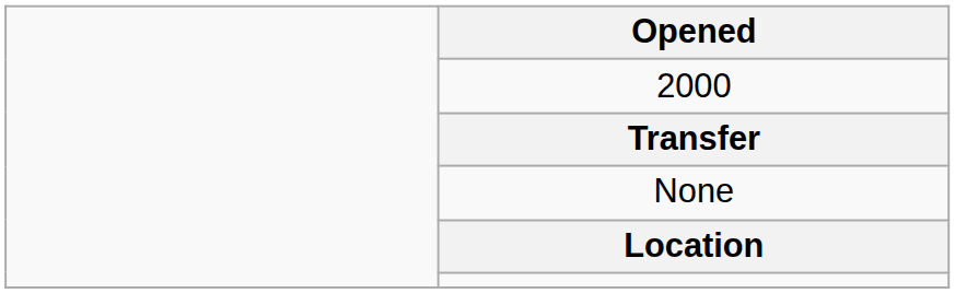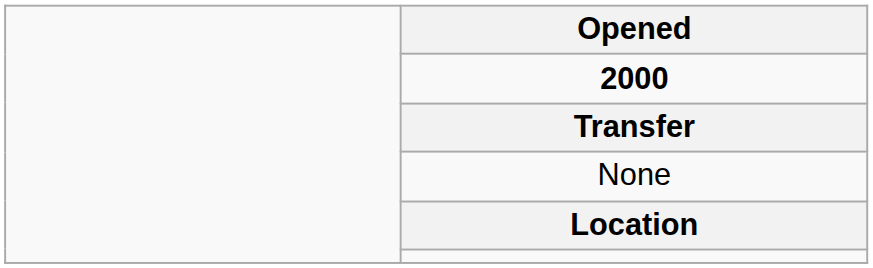 <table class=wikitable style="text-align: center; width: 450px; float:right">
 <tr>
 <td style="width: 200px; font-size: 85%" rowspan="6"></td>
 <th>Opened</th>
 </tr>
 <tr>
-<td>2000</td>
+<td><strong>2000</strong></td>
 </tr>
 <tr>
 <th>Transfer</th>
 </tr>
 <tr>
 <td>None</td>
 </tr>
 <tr>
 <th>Location</th>
 </tr>
 <tr>
 <td></td>
 </tr>
 </table>
